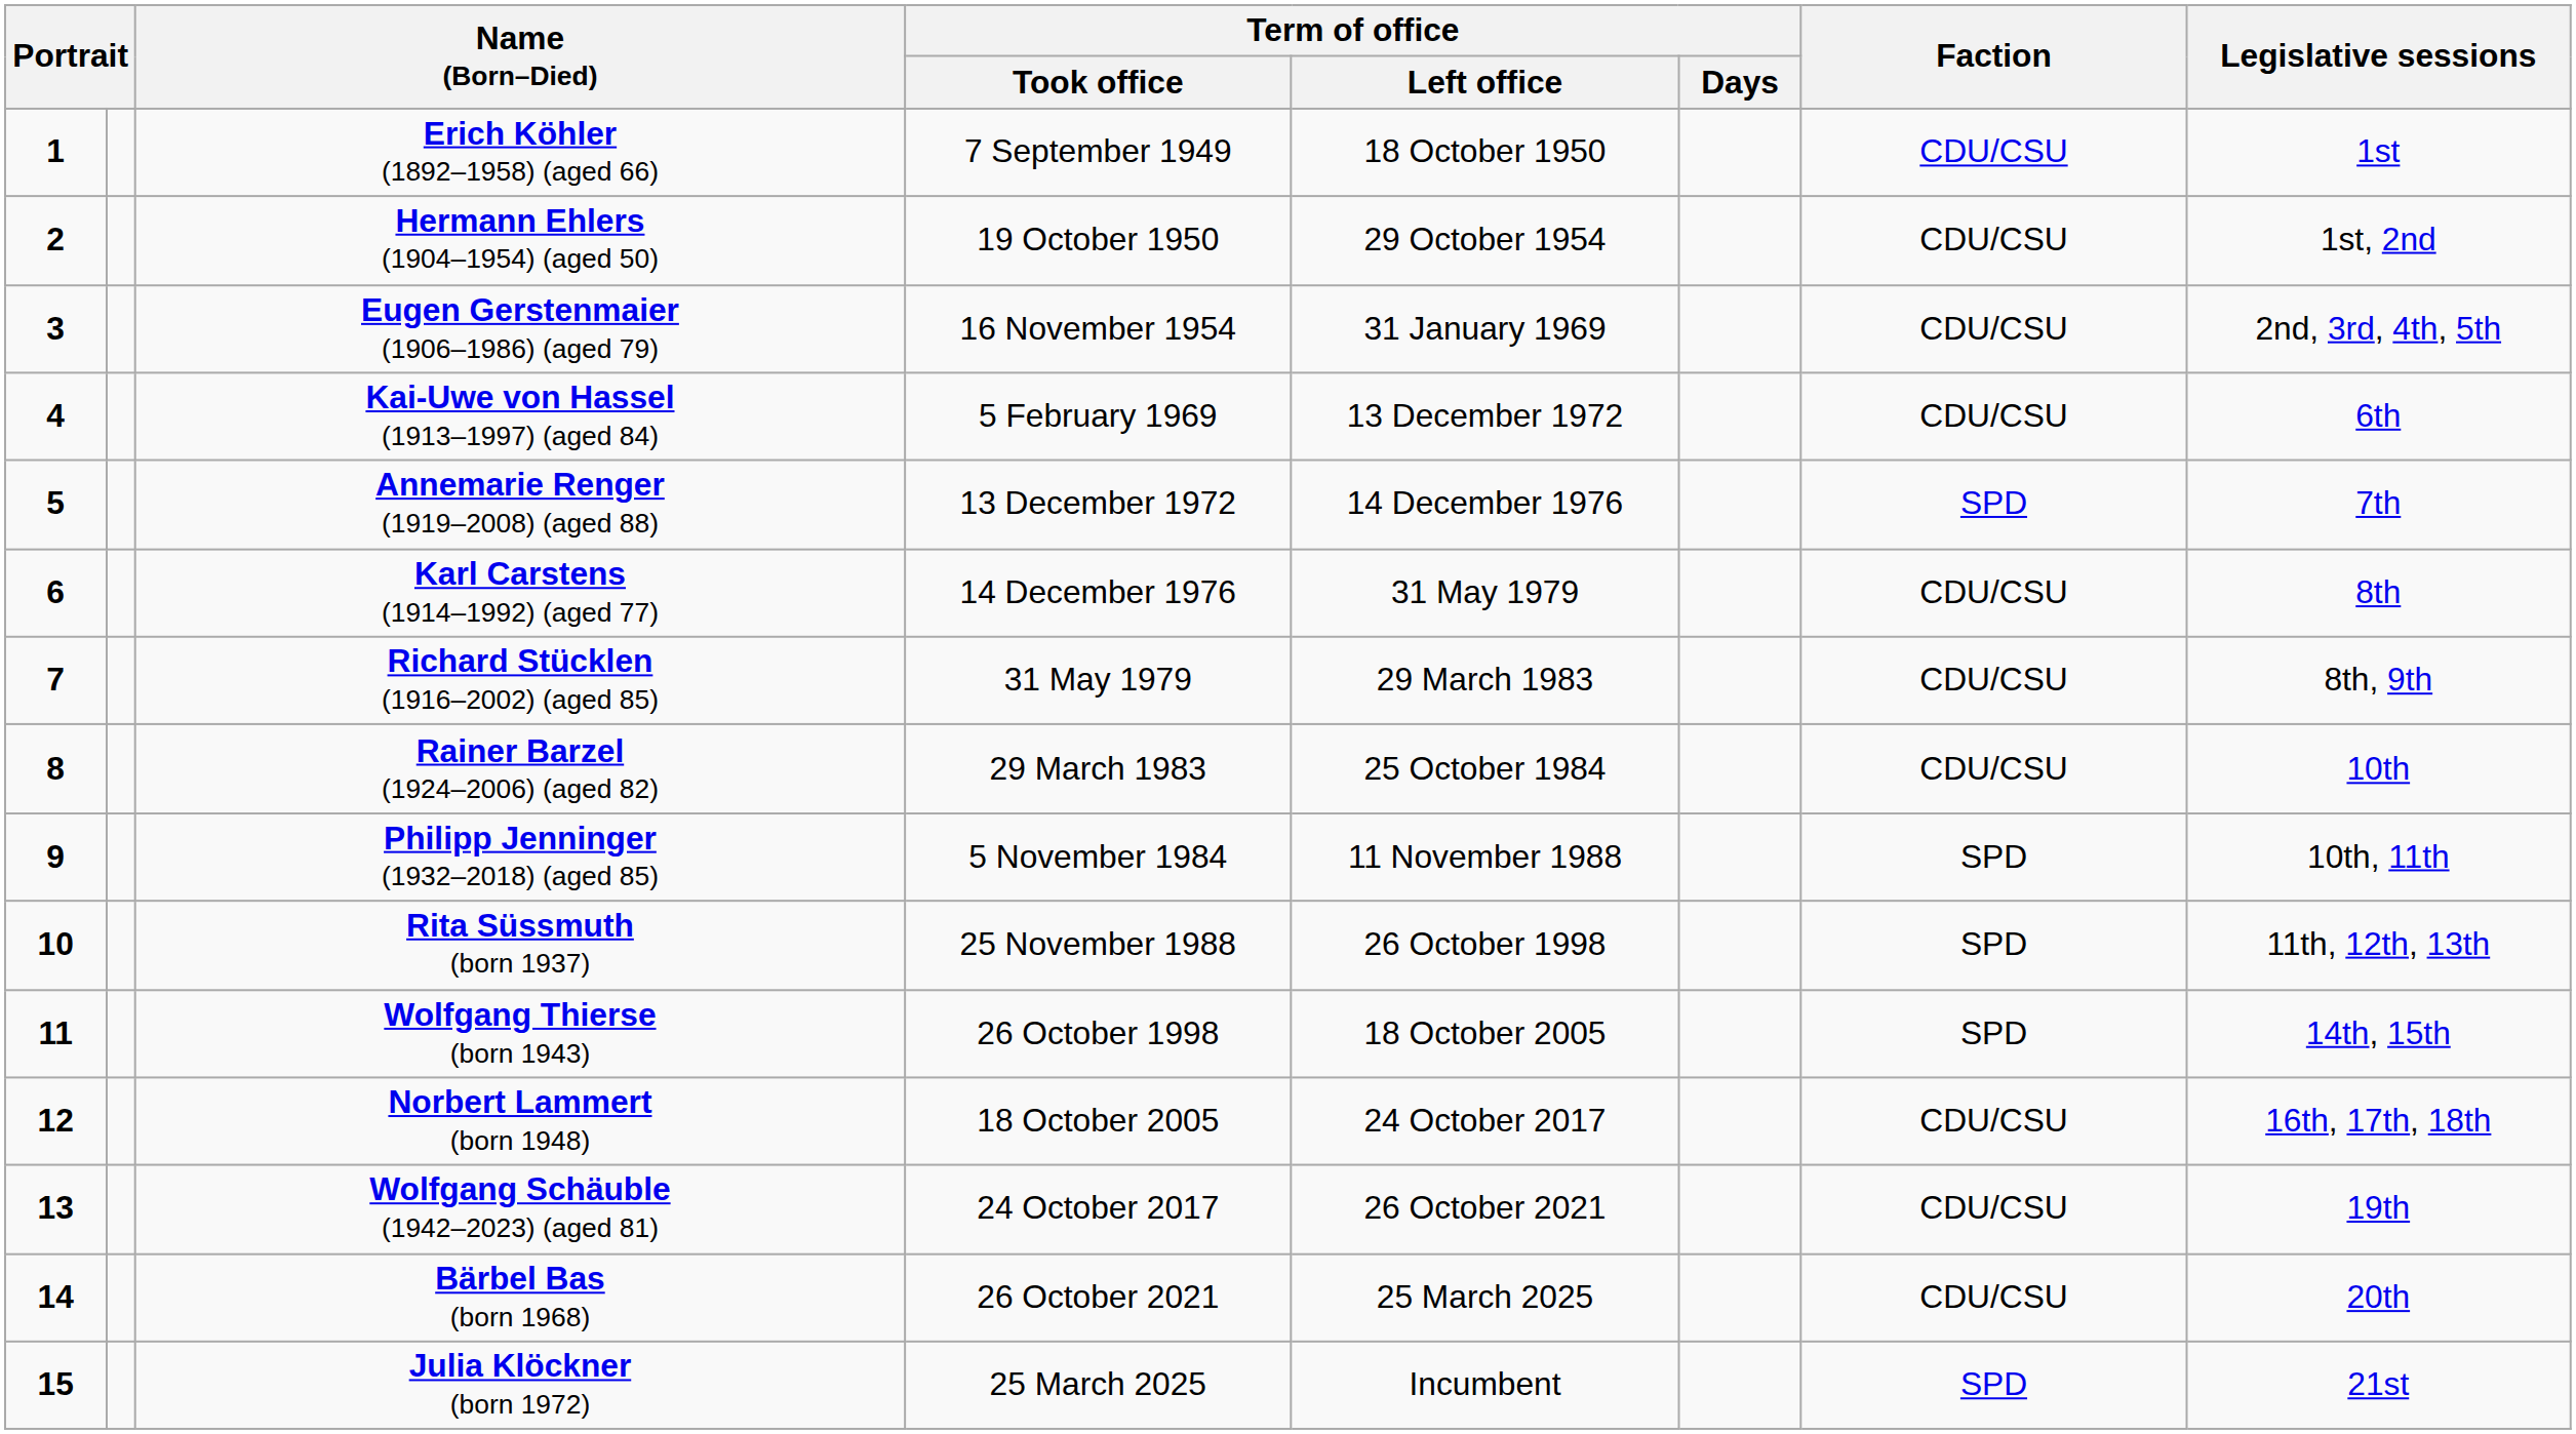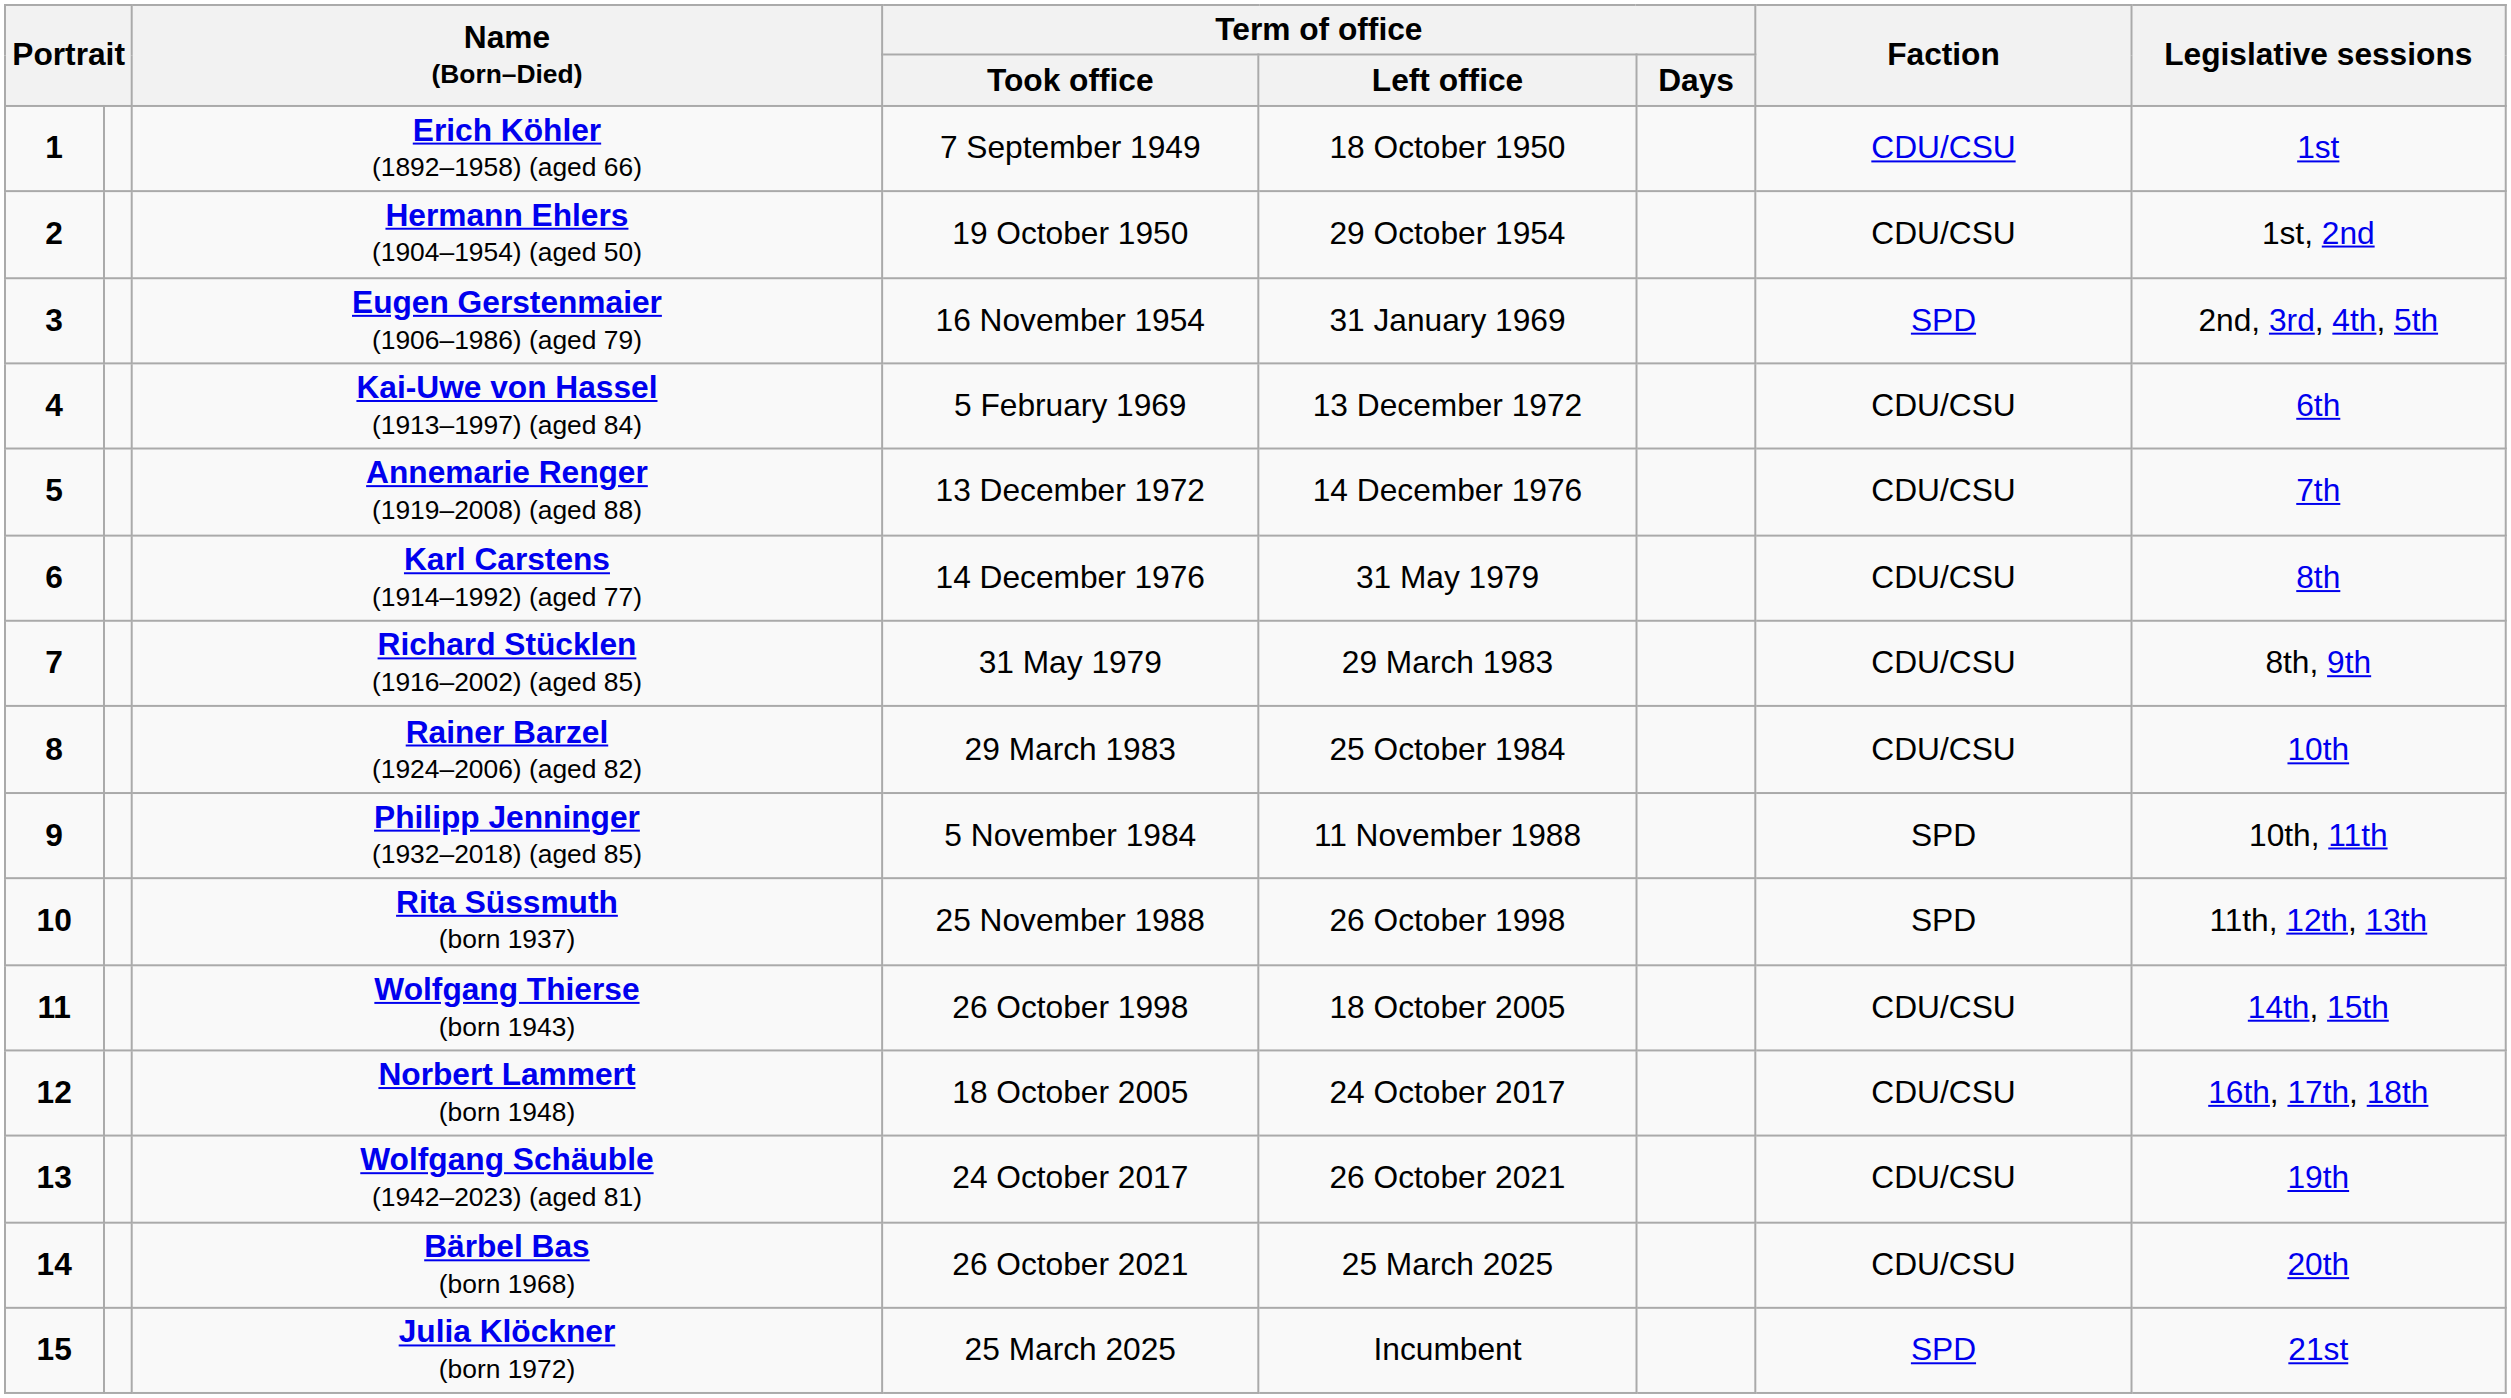 <table class="wikitable" style="text-align:center; width:100%; border:1px #AAAAFF solid">
 <tr>
 <th width=80px rowspan=2 colspan=2>Portrait</th>
 <th width=30% rowspan=2>Name<br><small>(Born–Died)</small></th>
 <th width=35% colspan=3>Term of office</th>
 <th width=15% rowspan=2>Faction</th>
 <th width=15% rowspan=2>Legislative sessions</th>
 </tr>
 <tr>
 <th>Took office</th>
 <th>Left office</th>
 <th>Days</th>
 </tr>
 <tr>
 <td style="background:"><strong>1</strong></td>
 <td></td>
 <td><strong><a href='#'>Erich Köhler</a></strong><br><small>(1892–1958) (aged 66)</small></td>
 <td>7 September 1949</td>
 <td>18 October 1950</td>
 <td></td>
 <td><a href='#'>CDU/CSU</a></td>
 <td><a href='#'>1st</a></td>
 </tr>
 <tr>
 <td style="background:"><strong>2</strong></td>
 <td></td>
 <td><strong><a href='#'>Hermann Ehlers</a></strong><br><small>(1904–1954) (aged 50)</small></td>
 <td>19 October 1950</td>
 <td>29 October 1954</td>
 <td></td>
 <td>CDU/CSU</td>
 <td>1st, <a href='#'>2nd</a></td>
 </tr>
 <tr>
 <td style="background:"><strong>3</strong></td>
 <td></td>
 <td><strong><a href='#'>Eugen Gerstenmaier</a></strong><br><small>(1906–1986) (aged 79)</small></td>
 <td>16 November 1954</td>
 <td>31 January 1969</td>
 <td></td>
-<td>CDU/CSU</td>
+<td><a href='#'>SPD</a></td>
 <td>2nd, <a href='#'>3rd</a>, <a href='#'>4th</a>, <a href='#'>5th</a></td>
 </tr>
 <tr>
 <td style="background:"><strong>4</strong></td>
 <td></td>
 <td><strong><a href='#'>Kai-Uwe von Hassel</a></strong><br><small>(1913–1997) (aged 84)</small></td>
 <td>5 February 1969</td>
 <td>13 December 1972</td>
 <td></td>
 <td>CDU/CSU</td>
 <td><a href='#'>6th</a></td>
 </tr>
 <tr>
 <td style="background:"><strong>5</strong></td>
 <td></td>
 <td><strong><a href='#'>Annemarie Renger</a></strong><br><small>(1919–2008) (aged 88)</small></td>
 <td>13 December 1972</td>
 <td>14 December 1976</td>
 <td></td>
-<td><a href='#'>SPD</a></td>
+<td>CDU/CSU</td>
 <td><a href='#'>7th</a></td>
 </tr>
 <tr>
 <td style="background:"><strong>6</strong></td>
 <td></td>
 <td><strong><a href='#'>Karl Carstens</a></strong><br><small>(1914–1992) (aged 77)</small></td>
 <td>14 December 1976</td>
 <td>31 May 1979</td>
 <td></td>
 <td>CDU/CSU</td>
 <td><a href='#'>8th</a></td>
 </tr>
 <tr>
 <td style="background:"><strong>7</strong></td>
 <td></td>
 <td><strong><a href='#'>Richard Stücklen</a></strong><br><small>(1916–2002) (aged 85)</small></td>
 <td>31 May 1979</td>
 <td>29 March 1983</td>
 <td></td>
 <td>CDU/CSU</td>
 <td>8th, <a href='#'>9th</a></td>
 </tr>
 <tr>
 <td style="background:"><strong>8</strong></td>
 <td></td>
 <td><strong><a href='#'>Rainer Barzel</a></strong><br><small>(1924–2006) (aged 82)</small></td>
 <td>29 March 1983</td>
 <td>25 October 1984</td>
 <td></td>
 <td>CDU/CSU</td>
 <td><a href='#'>10th</a></td>
 </tr>
 <tr>
 <td style="background:"><strong>9</strong></td>
 <td></td>
 <td><strong><a href='#'>Philipp Jenninger</a></strong><br><small>(1932–2018) (aged 85)</small></td>
 <td>5 November 1984</td>
 <td>11 November 1988</td>
 <td></td>
 <td>SPD</td>
 <td>10th, <a href='#'>11th</a></td>
 </tr>
 <tr>
 <td style="background:"><strong>10</strong></td>
 <td></td>
 <td><strong><a href='#'>Rita Süssmuth</a></strong><br><small>(born 1937)</small></td>
 <td>25 November 1988</td>
 <td>26 October 1998</td>
 <td></td>
 <td>SPD</td>
 <td>11th, <a href='#'>12th</a>, <a href='#'>13th</a></td>
 </tr>
 <tr>
 <td style="background:"><strong>11</strong></td>
 <td></td>
 <td><strong><a href='#'>Wolfgang Thierse</a></strong><br><small>(born 1943)</small></td>
 <td>26 October 1998</td>
 <td>18 October 2005</td>
 <td></td>
-<td>SPD</td>
+<td>CDU/CSU</td>
 <td><a href='#'>14th</a>, <a href='#'>15th</a></td>
 </tr>
 <tr>
 <td style="background:"><strong>12</strong></td>
 <td></td>
 <td><strong><a href='#'>Norbert Lammert</a></strong><br><small>(born 1948)</small></td>
 <td>18 October 2005</td>
 <td>24 October 2017</td>
 <td></td>
 <td>CDU/CSU</td>
 <td><a href='#'>16th</a>, <a href='#'>17th</a>, <a href='#'>18th</a></td>
 </tr>
 <tr>
 <td style="background:"><strong>13</strong></td>
 <td></td>
 <td><strong><a href='#'>Wolfgang Schäuble</a></strong><br><small>(1942–2023) (aged 81)</small></td>
 <td>24 October 2017</td>
 <td>26 October 2021</td>
 <td></td>
 <td>CDU/CSU</td>
 <td><a href='#'>19th</a></td>
 </tr>
 <tr>
 <td style="background:"><strong>14</strong></td>
 <td></td>
 <td><strong><a href='#'>Bärbel Bas</a></strong><br><small>(born 1968)</small></td>
 <td>26 October 2021</td>
 <td>25 March 2025</td>
 <td></td>
 <td>CDU/CSU</td>
 <td><a href='#'>20th</a></td>
 </tr>
 <tr>
 <td style="background:"><strong>15</strong></td>
 <td></td>
 <td><strong><a href='#'>Julia Klöckner</a></strong><br><small>(born 1972)</small></td>
 <td>25 March 2025</td>
 <td>Incumbent</td>
 <td></td>
 <td><a href='#'>SPD</a></td>
 <td><a href='#'>21st</a></td>
 </tr>
 </table>
